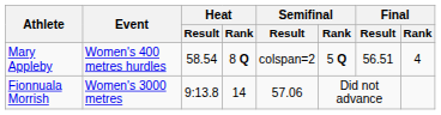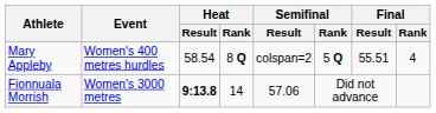 <table class="wikitable" style="font-size:90%; width:40%">
 <tr>
 <th rowspan="2">Athlete</th>
 <th rowspan="2">Event</th>
 <th colspan="2">Heat</th>
 <th colspan="2">Semifinal</th>
 <th colspan="2">Final</th>
 </tr>
 <tr style="font-size:95%">
 <th>Result</th>
 <th>Rank</th>
 <th>Result</th>
 <th>Rank</th>
 <th>Result</th>
 <th>Rank</th>
 </tr>
 <tr align=center>
 <td align=left><a href='#'>Mary Appleby</a></td>
 <td align=left><a href='#'>Women's 400 metres hurdles</a></td>
 <td>58.54</td>
 <td>8 <strong>Q</strong></td>
 <td>colspan=2 </td>
 <td>5 <strong>Q</strong></td>
-<td>56.51</td>
+<td>55.51</td>
 <td>4</td>
 </tr>
 <tr align=center>
 <td align=left><a href='#'>Fionnuala Morrish</a></td>
 <td align=left><a href='#'>Women's 3000 metres</a></td>
-<td>9:13.8</td>
+<td><strong>9:13.8</strong></td>
 <td>14</td>
 <td>57.06</td>
 <td colspan=2>Did not advance</td>
 </tr>
 </table>
